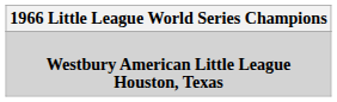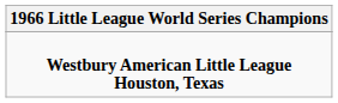 <table class="wikitable" style="text-align: center; margin: 0 auto;">
 <tr>
 <th>1966 Little League World Series Champions</th>
 </tr>
 <tr>
 </tr>
 <tr>
-<td style="background: lightgrey;"> <br><strong>Westbury American Little League</strong><br><strong>Houston, Texas</strong></td>
+<td> <br><strong>Westbury American Little League</strong><br><strong>Houston, Texas</strong></td>
 </tr>
 </table>
